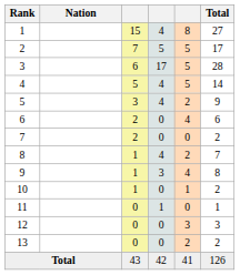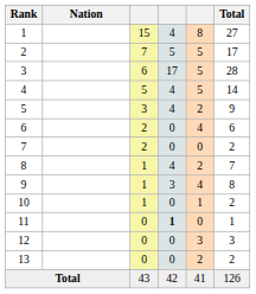 <table class=wikitable width=35% cellspacing="1" cellpadding="3" style="border:1px solid #AAAAAA;font-size:90%">
 <tr bgcolor="#EFEFEF">
 <th width=50>Rank</th>
 <th width=200>Nation</th>
 <th width=50></th>
 <th width=50></th>
 <th width=50></th>
 <th width=50>Total</th>
 </tr>
 <tr align="center" valign="top" bgcolor="#FFFFFF">
 <td rowspan="1" valign="center">1</td>
 <td align="left"></td>
 <td style="background:#F7F6A8;">15</td>
 <td style="background:#DCE5E5;">4</td>
 <td style="background:#FFDAB9;">8</td>
 <td>27</td>
 </tr>
 <tr align="center" valign="top" bgcolor="#FFFFFF">
 <td rowspan="1" valign="center">2</td>
 <td align="left"></td>
 <td style="background:#F7F6A8;">7</td>
 <td style="background:#DCE5E5;">5</td>
 <td style="background:#FFDAB9;">5</td>
 <td>17</td>
 </tr>
 <tr align="center" valign="top" bgcolor="#FFFFFF">
 <td rowspan="1" valign="center">3</td>
 <td align="left"></td>
 <td style="background:#F7F6A8;">6</td>
 <td style="background:#DCE5E5;">17</td>
 <td style="background:#FFDAB9;">5</td>
 <td>28</td>
 </tr>
 <tr align="center" valign="top" bgcolor="#FFFFFF">
 <td rowspan="1" valign="center">4</td>
 <td align="left"></td>
 <td style="background:#F7F6A8;">5</td>
 <td style="background:#DCE5E5;">4</td>
 <td style="background:#FFDAB9;">5</td>
 <td>14</td>
 </tr>
 <tr align="center" valign="top" bgcolor="#FFFFFF">
 <td rowspan="1" valign="center">5</td>
 <td align="left"></td>
 <td style="background:#F7F6A8;">3</td>
 <td style="background:#DCE5E5;">4</td>
 <td style="background:#FFDAB9;">2</td>
 <td>9</td>
 </tr>
 <tr align="center" valign="top" bgcolor="#FFFFFF">
 <td rowspan="1" valign="center">6</td>
 <td align="left"></td>
 <td style="background:#F7F6A8;">2</td>
 <td style="background:#DCE5E5;">0</td>
 <td style="background:#FFDAB9;">4</td>
 <td>6</td>
 </tr>
 <tr align="center" valign="top" bgcolor="#FFFFFF">
 <td rowspan="1" valign="center">7</td>
 <td align="left"></td>
 <td style="background:#F7F6A8;">2</td>
 <td style="background:#DCE5E5;">0</td>
 <td style="background:#FFDAB9;">0</td>
 <td>2</td>
 </tr>
 <tr align="center" valign="top" bgcolor="#FFFFFF">
 <td rowspan="1" valign="center">8</td>
 <td align="left"></td>
 <td style="background:#F7F6A8;">1</td>
 <td style="background:#DCE5E5;">4</td>
 <td style="background:#FFDAB9;">2</td>
 <td>7</td>
 </tr>
 <tr align="center" valign="top" bgcolor="#FFFFFF">
 <td rowspan="1" valign="center">9</td>
 <td align="left"></td>
 <td style="background:#F7F6A8;">1</td>
 <td style="background:#DCE5E5;">3</td>
 <td style="background:#FFDAB9;">4</td>
 <td>8</td>
 </tr>
 <tr align="center" valign="top" bgcolor="#FFFFFF">
 <td rowspan="1" valign="center">10</td>
 <td align="left"></td>
 <td style="background:#F7F6A8;">1</td>
 <td style="background:#DCE5E5;">0</td>
 <td style="background:#FFDAB9;">1</td>
 <td>2</td>
 </tr>
 <tr align="center" valign="top" bgcolor="#FFFFFF">
 <td rowspan="1" valign="center">11</td>
 <td align="left"></td>
 <td style="background:#F7F6A8;">0</td>
-<td style="background:#DCE5E5;">1</td>
+<td style="background:#DCE5E5;"><strong>1</strong></td>
 <td style="background:#FFDAB9;">0</td>
 <td>1</td>
 </tr>
 <tr align="center" valign="top" bgcolor="#FFFFFF">
 <td rowspan="1" valign="center">12</td>
 <td align="left"></td>
 <td style="background:#F7F6A8;">0</td>
 <td style="background:#DCE5E5;">0</td>
 <td style="background:#FFDAB9;">3</td>
 <td>3</td>
 </tr>
 <tr align="center" valign="top" bgcolor="#FFFFFF">
 <td rowspan="1" valign="center">13</td>
 <td align="left"></td>
 <td style="background:#F7F6A8;">0</td>
 <td style="background:#DCE5E5;">0</td>
 <td style="background:#FFDAB9;">2</td>
 <td>2</td>
 </tr>
 <tr align="center" valign="top" bgcolor="#EFEFEF">
 <td colspan="2" rowspan="1" valign="center"><strong>Total</strong></td>
 <td>43</td>
 <td>42</td>
 <td>41</td>
 <td>126</td>
 </tr>
 </table>
